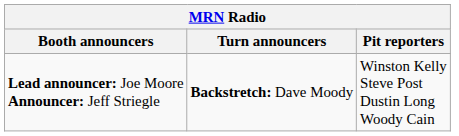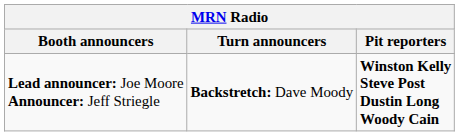 <table class="wikitable" style="font-size: 95%;">
 <tr>
 <th colspan="3"><a href='#'>MRN</a> Radio</th>
 </tr>
 <tr>
 <th>Booth announcers</th>
 <th>Turn announcers</th>
 <th>Pit reporters</th>
 </tr>
 <tr>
 <td><strong>Lead announcer:</strong> Joe Moore<br><strong>Announcer:</strong> Jeff Striegle</td>
 <td><strong>Backstretch:</strong> Dave Moody</td>
-<td>Winston Kelly<br>Steve Post<br>Dustin Long<br>Woody Cain</td>
+<td><strong>Winston Kelly<br>Steve Post<br>Dustin Long<br>Woody Cain</strong></td>
 </tr>
 </table>
